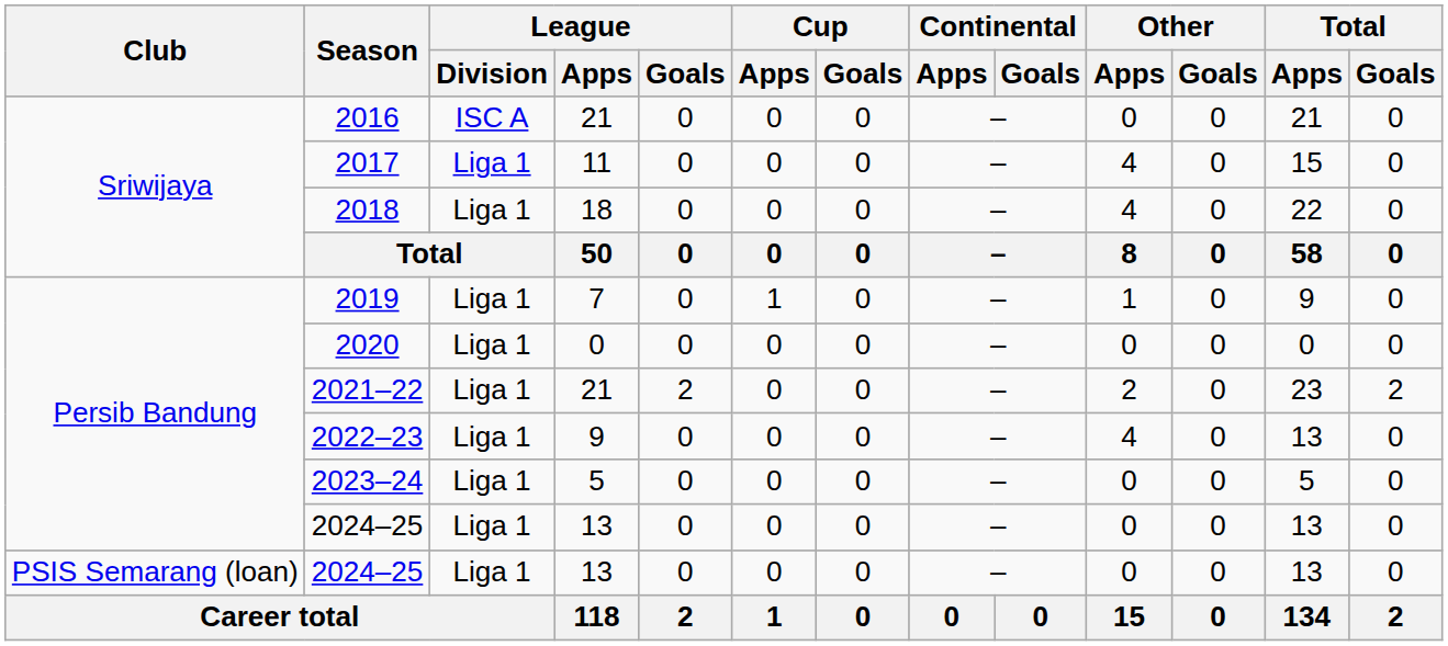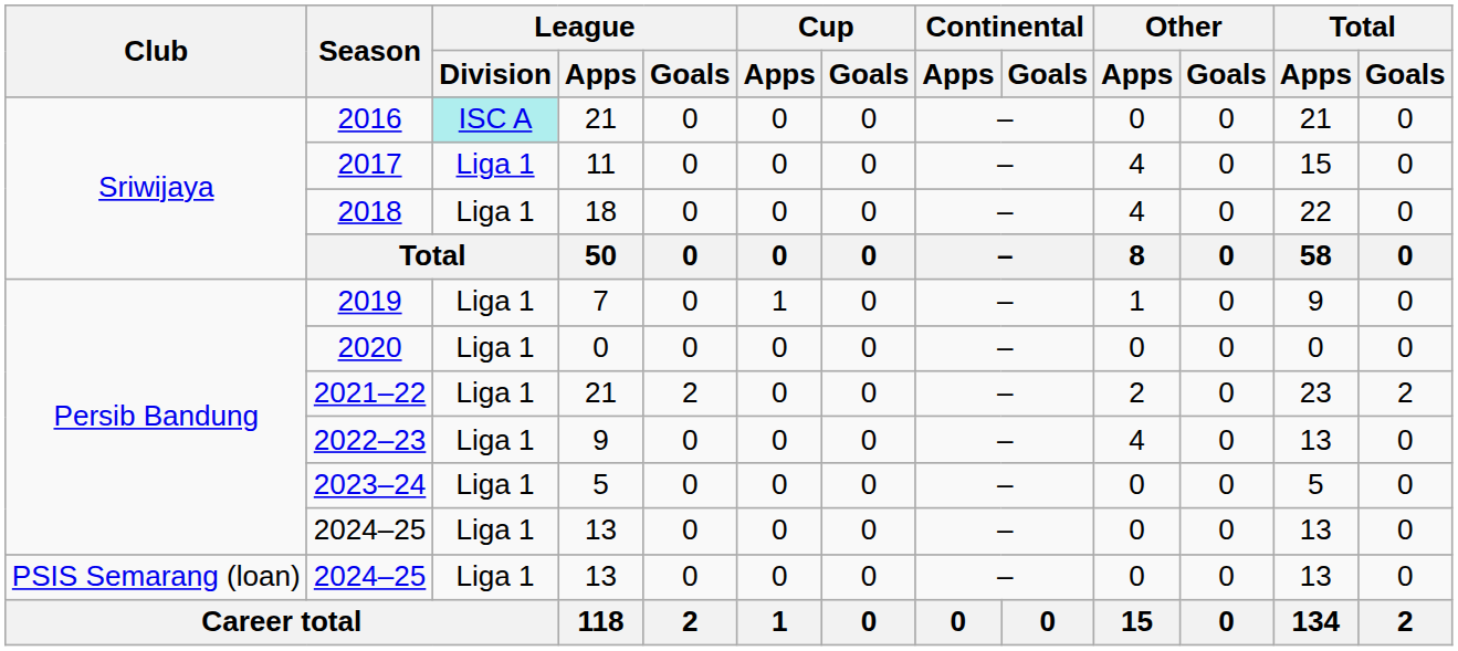 <table class="wikitable" style="text-align: center">
 <tr>
 <th rowspan="2">Club</th>
 <th rowspan="2">Season</th>
 <th colspan="3">League</th>
 <th colspan="2">Cup</th>
 <th colspan="2">Continental</th>
 <th colspan="2">Other</th>
 <th colspan="2">Total</th>
 </tr>
 <tr>
 <th>Division</th>
 <th>Apps</th>
 <th>Goals</th>
 <th>Apps</th>
 <th>Goals</th>
 <th>Apps</th>
 <th>Goals</th>
 <th>Apps</th>
 <th>Goals</th>
 <th>Apps</th>
 <th>Goals</th>
 </tr>
 <tr>
 <td rowspan="4"><a href='#'>Sriwijaya</a></td>
 <td><a href='#'>2016</a></td>
-<td><a href='#'>ISC A</a></td>
+<td style="background: paleturquoise;"><a href='#'>ISC A</a></td>
 <td>21</td>
 <td>0</td>
 <td>0</td>
 <td>0</td>
 <td colspan="2">–</td>
 <td>0</td>
 <td>0</td>
 <td>21</td>
 <td>0</td>
 </tr>
 <tr>
 <td><a href='#'>2017</a></td>
 <td rowspan="1"><a href='#'>Liga 1</a></td>
 <td>11</td>
 <td>0</td>
 <td>0</td>
 <td>0</td>
 <td colspan="2">–</td>
 <td>4</td>
 <td>0</td>
 <td>15</td>
 <td>0</td>
 </tr>
 <tr>
 <td><a href='#'>2018</a></td>
 <td rowspan="1" valign="center">Liga 1</td>
 <td>18</td>
 <td>0</td>
 <td>0</td>
 <td>0</td>
 <td colspan="2">–</td>
 <td>4</td>
 <td>0</td>
 <td>22</td>
 <td>0</td>
 </tr>
 <tr>
 <th colspan="2">Total</th>
 <th>50</th>
 <th>0</th>
 <th>0</th>
 <th>0</th>
 <th colspan="2">–</th>
 <th>8</th>
 <th>0</th>
 <th>58</th>
 <th>0</th>
 </tr>
 <tr>
 <td rowspan="6"><a href='#'>Persib Bandung</a></td>
 <td><a href='#'>2019</a></td>
 <td rowspan="1">Liga 1</td>
 <td>7</td>
 <td>0</td>
 <td>1</td>
 <td>0</td>
 <td colspan="2">–</td>
 <td>1</td>
 <td>0</td>
 <td>9</td>
 <td>0</td>
 </tr>
 <tr>
 <td><a href='#'>2020</a></td>
 <td rowspan="1" valign="center">Liga 1</td>
 <td>0</td>
 <td>0</td>
 <td>0</td>
 <td>0</td>
 <td colspan="2">–</td>
 <td>0</td>
 <td>0</td>
 <td>0</td>
 <td>0</td>
 </tr>
 <tr>
 <td><a href='#'>2021–22</a></td>
 <td rowspan="1" valign="center">Liga 1</td>
 <td>21</td>
 <td>2</td>
 <td>0</td>
 <td>0</td>
 <td colspan="2">–</td>
 <td>2</td>
 <td>0</td>
 <td>23</td>
 <td>2</td>
 </tr>
 <tr>
 <td><a href='#'>2022–23</a></td>
 <td>Liga 1</td>
 <td>9</td>
 <td>0</td>
 <td>0</td>
 <td>0</td>
 <td colspan="2">–</td>
 <td>4</td>
 <td>0</td>
 <td>13</td>
 <td>0</td>
 </tr>
 <tr>
 <td><a href='#'>2023–24</a></td>
 <td rowspan="1" valign="center">Liga 1</td>
 <td>5</td>
 <td>0</td>
 <td>0</td>
 <td>0</td>
 <td colspan="2">–</td>
 <td>0</td>
 <td>0</td>
 <td>5</td>
 <td>0</td>
 </tr>
 <tr>
 <td>2024–25</td>
 <td rowspan="1" valign="center">Liga 1</td>
 <td>13</td>
 <td>0</td>
 <td>0</td>
 <td>0</td>
 <td colspan="2">–</td>
 <td>0</td>
 <td>0</td>
 <td>13</td>
 <td>0</td>
 </tr>
 <tr>
 <td><a href='#'>PSIS Semarang</a> (loan)</td>
 <td><a href='#'>2024–25</a></td>
 <td>Liga 1</td>
 <td>13</td>
 <td>0</td>
 <td>0</td>
 <td>0</td>
 <td colspan="2">–</td>
 <td>0</td>
 <td>0</td>
 <td>13</td>
 <td>0</td>
 </tr>
 <tr>
 <th colspan=3>Career total</th>
 <th>118</th>
 <th>2</th>
 <th>1</th>
 <th>0</th>
 <th>0</th>
 <th>0</th>
 <th>15</th>
 <th>0</th>
 <th>134</th>
 <th>2</th>
 </tr>
 </table>
